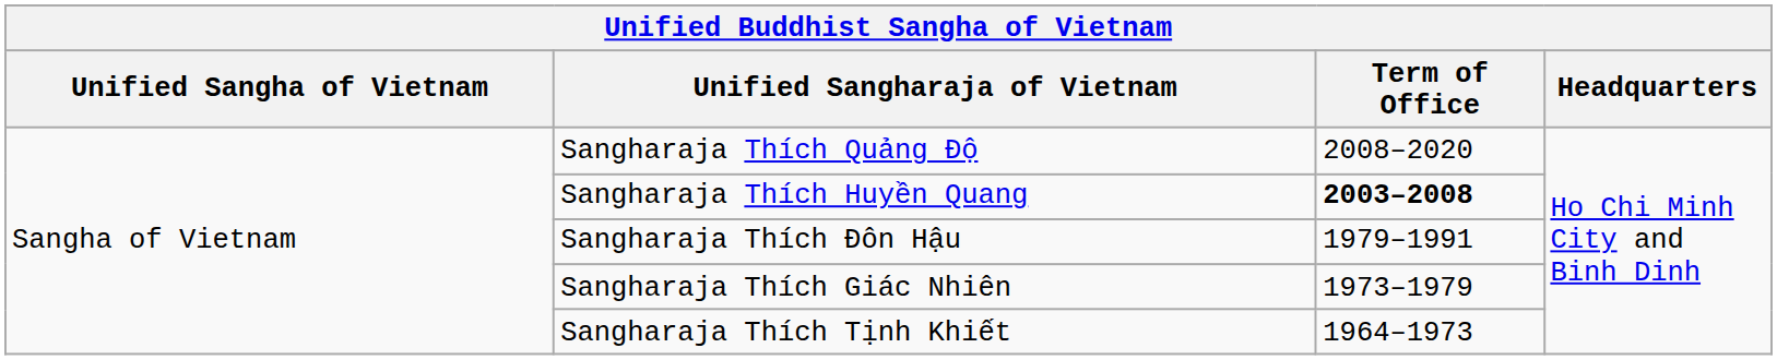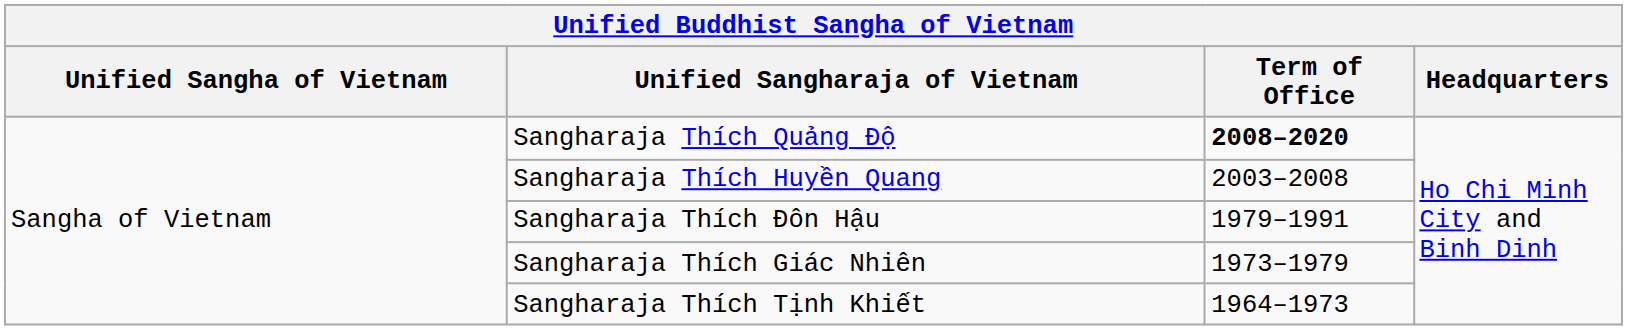 <table class=wikitable>
 <tr>
 <th colspan="4" align=center><strong><a href='#'>Unified Buddhist Sangha of Vietnam</a></strong></th>
 </tr>
 <tr>
 <th scope="row" width="250">Unified Sangha of Vietnam</th>
 <th scope="row" width="350">Unified Sangharaja of Vietnam</th>
 <th scope="row" width="100">Term of Office</th>
 <th scope="row" width="100">Headquarters</th>
 </tr>
 <tr>
 <td rowspan= "20">Sangha of Vietnam</td>
 <td>Sangharaja <a href='#'>Thích Quảng Độ</a></td>
-<td>2008–2020</td>
+<td><strong>2008–2020</strong></td>
 <td rowspan= "20"><a href='#'>Ho Chi Minh City</a> and <a href='#'>Binh Dinh</a></td>
 </tr>
 <tr>
 <td>Sangharaja <a href='#'>Thích Huyền Quang</a></td>
-<td><strong>2003–2008</strong></td>
+<td>2003–2008</td>
 </tr>
 <tr>
 <td>Sangharaja Thích Đôn Hậu</td>
 <td>1979–1991</td>
 </tr>
 <tr>
 <td>Sangharaja Thích Giác Nhiên</td>
 <td>1973–1979</td>
 </tr>
 <tr>
 <td>Sangharaja Thích Tịnh Khiết</td>
 <td>1964–1973</td>
 </tr>
 </table>
